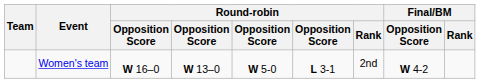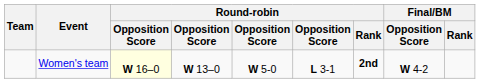 <table class="wikitable">
 <tr>
 <th rowspan="2">Team</th>
 <th rowspan="2">Event</th>
 <th colspan="5">Round-robin</th>
 <th colspan="2">Final/BM</th>
 </tr>
 <tr>
 <th>Opposition<br>Score</th>
 <th>Opposition<br>Score</th>
 <th>Opposition<br>Score</th>
 <th>Opposition<br>Score</th>
 <th>Rank</th>
 <th>Opposition<br>Score</th>
 <th>Rank</th>
 </tr>
 <tr align="center">
 <td></td>
 <td align="left"><a href='#'>Women's team</a></td>
-<td><br> <strong>W</strong> 16–0</td>
+<td style="background: lightyellow;"><br> <strong>W</strong> 16–0</td>
 <td><br> <strong>W</strong> 13–0</td>
 <td><br> <strong>W</strong> 5-0</td>
 <td><br> <strong>L</strong> 3-1</td>
-<td>2nd</td>
+<td><strong>2nd</strong></td>
 <td><br> <strong>W</strong> 4-2</td>
 <td></td>
 </tr>
 </table>
